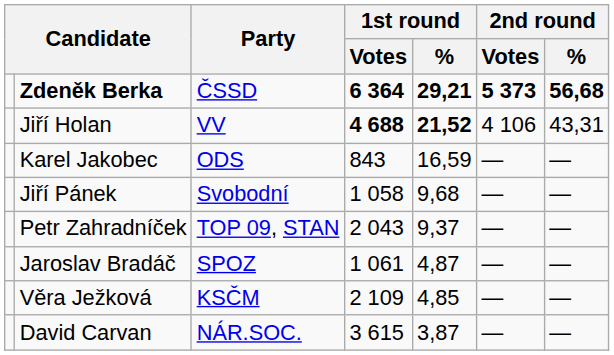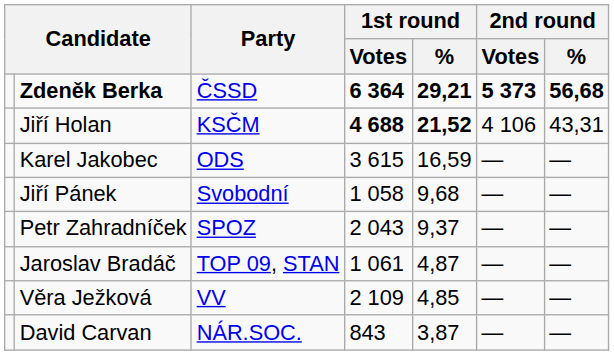 <table class="wikitable sortable">
 <tr>
 <th colspan="2" rowspan="2">Candidate</th>
 <th rowspan="2">Party</th>
 <th colspan="2">1st round</th>
 <th colspan="2">2nd round</th>
 </tr>
 <tr>
 <th>Votes</th>
 <th>%</th>
 <th>Votes</th>
 <th>%</th>
 </tr>
 <tr>
 <td style="background-color:"></td>
 <td><strong>Zdeněk Berka</strong></td>
 <td><a href='#'>ČSSD</a></td>
 <td><strong>6 364</strong></td>
 <td><strong>29,21</strong></td>
 <td><strong>5 373</strong></td>
 <td><strong>56,68</strong></td>
 </tr>
 <tr>
 <td style="background-color:"></td>
 <td>Jiří Holan</td>
-<td><a href='#'>VV</a></td>
+<td><a href='#'>KSČM</a></td>
 <td><strong>4 688</strong></td>
 <td><strong>21,52</strong></td>
 <td>4 106</td>
 <td>43,31</td>
 </tr>
 <tr>
 <td style="background-color:"></td>
 <td>Karel Jakobec</td>
 <td><a href='#'>ODS</a></td>
-<td>843</td>
+<td>3 615</td>
 <td>16,59</td>
 <td>—</td>
 <td>—</td>
 </tr>
 <tr>
 <td style="background-color:"></td>
 <td>Jiří Pánek</td>
 <td><a href='#'>Svobodní</a></td>
 <td>1 058</td>
 <td>9,68</td>
 <td>—</td>
 <td>—</td>
 </tr>
 <tr>
 <td style="background-color:"></td>
 <td>Petr Zahradníček</td>
-<td><a href='#'>TOP 09</a>, <a href='#'>STAN</a></td>
+<td><a href='#'>SPOZ</a></td>
 <td>2 043</td>
 <td>9,37</td>
 <td>—</td>
 <td>—</td>
 </tr>
 <tr>
 <td style="background-color:"></td>
 <td>Jaroslav Bradáč</td>
-<td><a href='#'>SPOZ</a></td>
+<td><a href='#'>TOP 09</a>, <a href='#'>STAN</a></td>
 <td>1 061</td>
 <td>4,87</td>
 <td>—</td>
 <td>—</td>
 </tr>
 <tr>
 <td style="background-color:"></td>
 <td>Věra Ježková</td>
-<td><a href='#'>KSČM</a></td>
+<td><a href='#'>VV</a></td>
 <td>2 109</td>
 <td>4,85</td>
 <td>—</td>
 <td>—</td>
 </tr>
 <tr>
 <td style="background-color:"></td>
 <td>David Carvan</td>
 <td><a href='#'>NÁR.SOC.</a></td>
-<td>3 615</td>
+<td>843</td>
 <td>3,87</td>
 <td>—</td>
 <td>—</td>
 </tr>
 </table>
